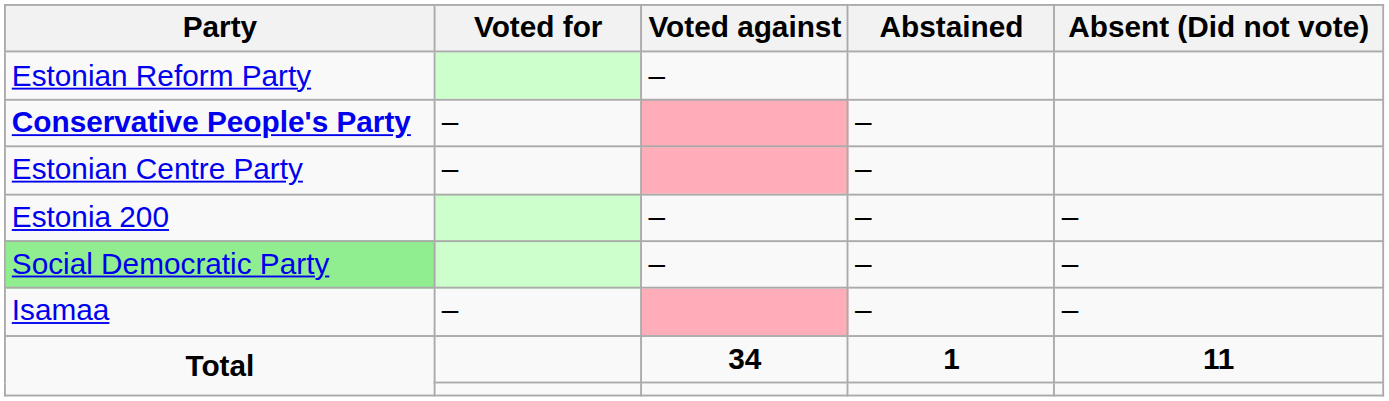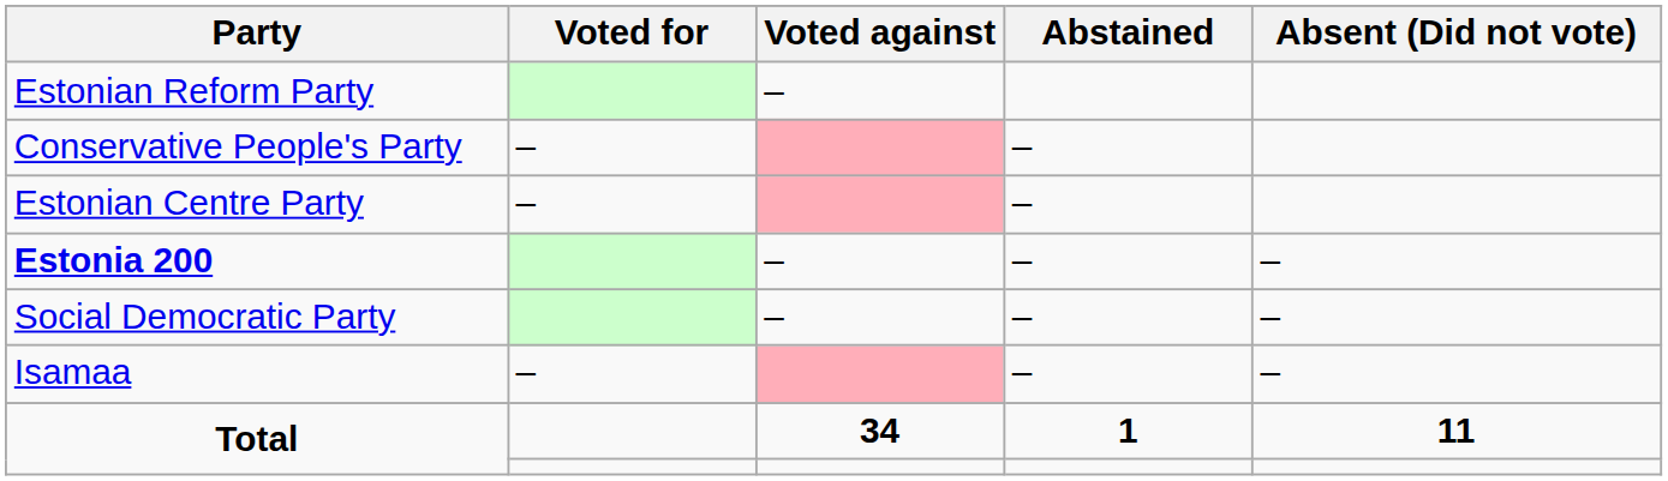 <table class="wikitable">
 <tr>
 <th>Party</th>
 <th style="width:15%;">Voted for</th>
 <th style="width:15%;">Voted against</th>
 <th style="width:15%;">Abstained</th>
 <th>Absent (Did not vote)</th>
 </tr>
 <tr>
 <td> <a href='#'>Estonian Reform Party</a></td>
 <td style="background-color:#CCFFCC;"></td>
 <td>–</td>
 <td></td>
 <td></td>
 </tr>
 <tr>
-<td><strong> <a href='#'>Conservative People's Party</a></strong></td>
+<td> <a href='#'>Conservative People's Party</a></td>
 <td>–</td>
 <td style="background-color:#FFAEB9;"></td>
 <td>–</td>
 <td></td>
 </tr>
 <tr>
 <td> <a href='#'>Estonian Centre Party</a></td>
 <td>–</td>
 <td style="background-color:#FFAEB9;"></td>
 <td>–</td>
 <td></td>
 </tr>
 <tr>
-<td> <a href='#'>Estonia 200</a></td>
+<td><strong> <a href='#'>Estonia 200</a></strong></td>
 <td style="background-color:#CCFFCC;"></td>
 <td>–</td>
 <td>–</td>
 <td>–</td>
 </tr>
 <tr>
-<td style="background: lightgreen;"> <a href='#'>Social Democratic Party</a></td>
+<td> <a href='#'>Social Democratic Party</a></td>
 <td style="background-color:#CCFFCC;"></td>
 <td>–</td>
 <td>–</td>
 <td>–</td>
 </tr>
 <tr>
 <td> <a href='#'>Isamaa</a></td>
 <td>–</td>
 <td style="background-color:#FFAEB9;"></td>
 <td>–</td>
 <td>–</td>
 </tr>
 <tr>
 <td style="text-align:center;" rowspan="2"><strong>Total</strong></td>
 <td></td>
 <td style="text-align:center;"><strong>34</strong></td>
 <td style="text-align:center;"><strong>1</strong></td>
 <td style="text-align:center;"><strong>11</strong></td>
 </tr>
 <tr>
 <td style="text-align:center;"></td>
 <td style="text-align:center;"></td>
 <td style="text-align:center;"></td>
 <td style="text-align:center;"></td>
 </tr>
 </table>
